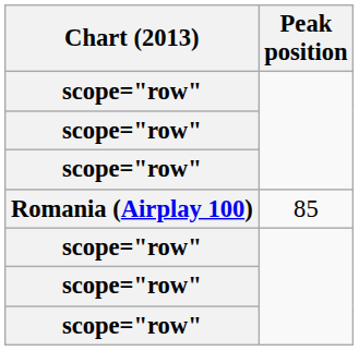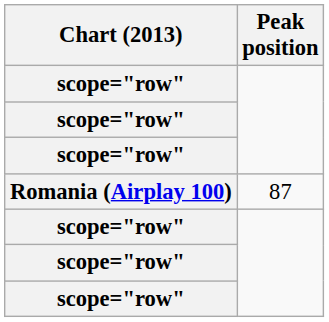 <table class="wikitable sortable plainrowheaders">
 <tr>
 <th scope="col">Chart (2013)</th>
 <th scope="col">Peak<br>position</th>
 </tr>
 <tr>
 <th>scope="row" </th>
 </tr>
 <tr>
 <th>scope="row" </th>
 </tr>
 <tr>
 <th>scope="row" </th>
 </tr>
 <tr>
 <th scope="row">Romania (<a href='#'>Airplay 100</a>)</th>
-<td align="center">85</td>
+<td align="center">87</td>
 </tr>
 <tr>
 <th>scope="row" </th>
 </tr>
 <tr>
 <th>scope="row" </th>
 </tr>
 <tr>
 <th>scope="row" </th>
 </tr>
 </table>
